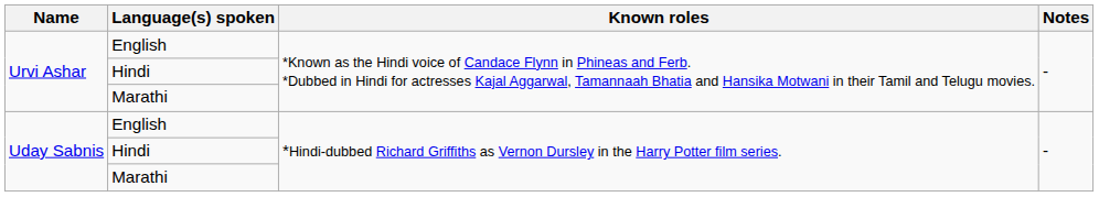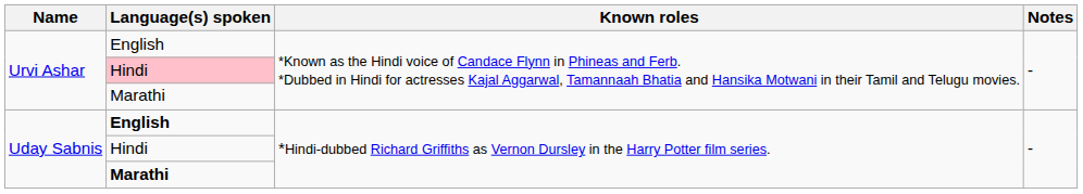 <table class="wikitable sortable">
 <tr>
 <th>Name</th>
 <th>Language(s) spoken</th>
 <th>Known roles</th>
 <th>Notes</th>
 </tr>
 <tr>
 <td rowspan="3"><a href='#'>Urvi Ashar</a></td>
 <td>English</td>
 <td rowspan="3"><small>*Known as the Hindi voice of <a href='#'>Candace Flynn</a> in <a href='#'>Phineas and Ferb</a>. <br>*Dubbed in Hindi for actresses <a href='#'>Kajal Aggarwal</a>, <a href='#'>Tamannaah Bhatia</a> and <a href='#'>Hansika Motwani</a> in their Tamil and Telugu movies.</small></td>
 <td rowspan="3">-</td>
 </tr>
 <tr>
-<td>Hindi</td>
+<td style="background: pink;">Hindi</td>
 </tr>
 <tr>
 <td>Marathi</td>
 </tr>
 <tr>
 <td rowspan="3"><a href='#'>Uday Sabnis</a></td>
-<td>English</td>
+<td><strong>English</strong></td>
 <td rowspan="3">*<small>Hindi-dubbed <a href='#'>Richard Griffiths</a> as <a href='#'>Vernon Dursley</a> in the <a href='#'>Harry Potter film series</a>.</small></td>
 <td rowspan="3">-</td>
 </tr>
 <tr>
 <td>Hindi</td>
 </tr>
 <tr>
-<td>Marathi</td>
+<td><strong>Marathi</strong></td>
 </tr>
 </table>
